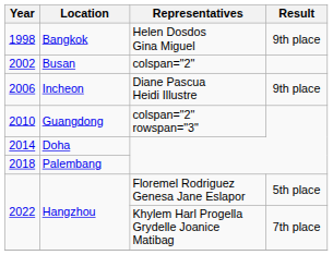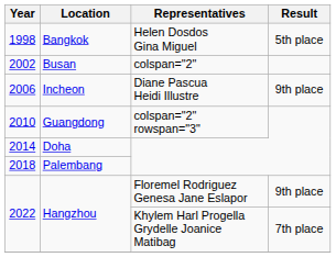 <table class="wikitable" style="font-size:100%; width:50%;">
 <tr>
 <th style= "align=center; width:10em;">Year</th>
 <th style= "align=center; width:60em;">Location</th>
 <th style= "align=center; width:100em;">Representatives</th>
 <th style= "align=center; width:50em;">Result</th>
 </tr>
 <tr>
 <td align=center><a href='#'>1998</a></td>
 <td> <a href='#'>Bangkok</a></td>
 <td>Helen Dosdos <br> Gina Miguel</td>
-<td align=center>9th place</td>
+<td align=center>5th place</td>
 </tr>
 <tr>
 <td align=center><a href='#'>2002</a></td>
 <td> <a href='#'>Busan</a></td>
 <td>colspan="2" <small>  </small></td>
 </tr>
 <tr>
 <td align=center><a href='#'>2006</a></td>
 <td> <a href='#'>Incheon</a></td>
 <td>Diane Pascua <br> Heidi Illustre</td>
 <td align=center>9th place</td>
 </tr>
 <tr>
 <td align=center><a href='#'>2010</a></td>
 <td> <a href='#'>Guangdong</a></td>
 <td>colspan="2" rowspan="3" <small>  </small></td>
 </tr>
 <tr>
 <td align=center><a href='#'>2014</a></td>
 <td> <a href='#'>Doha</a></td>
 </tr>
 <tr>
 <td align=center><a href='#'>2018</a></td>
 <td> <a href='#'>Palembang</a></td>
 </tr>
 <tr>
 <td align=center rowspan="2"><a href='#'>2022</a></td>
 <td rowspan="2"> <a href='#'>Hangzhou</a></td>
 <td>Floremel Rodriguez <br> Genesa Jane Eslapor</td>
-<td align=center>5th place</td>
+<td align=center>9th place</td>
 </tr>
 <tr>
 <td>Khylem Harl Progella <br> Grydelle Joanice Matibag</td>
 <td align=center>7th place</td>
 </tr>
 <tr>
 </tr>
 </table>
